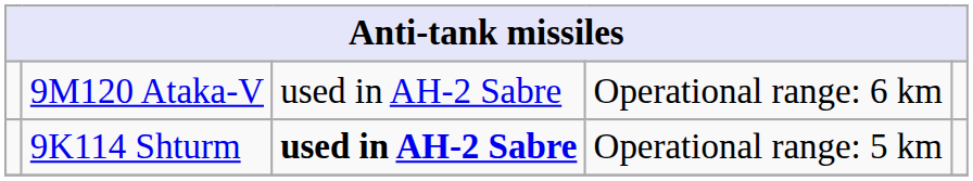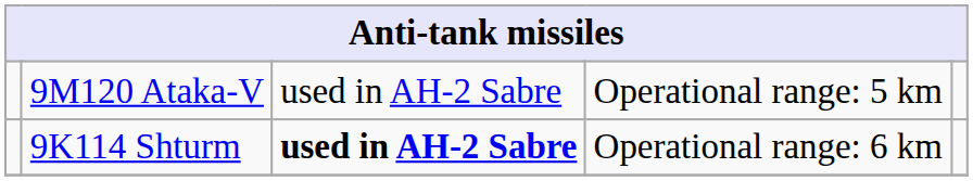 <table class="wikitable">
 <tr>
 <th style="align: center; background: lavender;" colspan="8"><strong>Anti-tank missiles</strong></th>
 </tr>
 <tr>
 <td></td>
 <td><a href='#'>9M120 Ataka-V</a></td>
 <td>used in <a href='#'>AH-2 Sabre</a></td>
-<td>Operational range: 6 km</td>
+<td>Operational range: 5 km</td>
 <td></td>
 </tr>
 <tr>
 <td></td>
 <td><a href='#'>9K114 Shturm</a></td>
 <td><strong>used in <a href='#'>AH-2 Sabre</a></strong></td>
-<td>Operational range: 5 km</td>
+<td>Operational range: 6 km</td>
 <td></td>
 </tr>
 <tr>
 </tr>
 </table>
